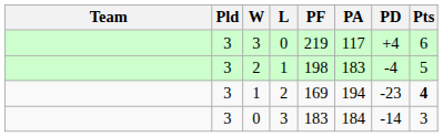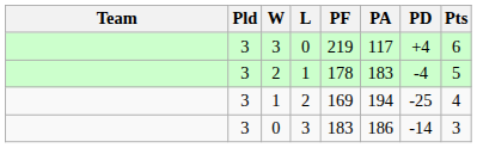 <table class="wikitable" style="text-align:center;">
 <tr>
 <th width=200>Team</th>
 <th width=20>Pld</th>
 <th width=20>W</th>
 <th width=20>L</th>
 <th width=30>PF</th>
 <th width=30>PA</th>
 <th width=30>PD</th>
 <th width=20>Pts</th>
 </tr>
 <tr bgcolor=ccffcc>
 <td align=left></td>
 <td>3</td>
 <td>3</td>
 <td>0</td>
 <td>219</td>
 <td>117</td>
 <td>+4</td>
 <td>6</td>
 </tr>
 <tr bgcolor=ccffcc>
 <td align=left></td>
 <td>3</td>
 <td>2</td>
 <td>1</td>
-<td>198</td>
+<td>178</td>
 <td>183</td>
 <td>-4</td>
 <td>5</td>
 </tr>
 <tr>
 <td align=left></td>
 <td>3</td>
 <td>1</td>
 <td>2</td>
 <td>169</td>
 <td>194</td>
-<td>-23</td>
-<td><strong>4</strong></td>
+<td>-25</td>
+<td>4</td>
 </tr>
 <tr>
 <td align=left></td>
 <td>3</td>
 <td>0</td>
 <td>3</td>
 <td>183</td>
-<td>184</td>
+<td>186</td>
 <td>-14</td>
 <td>3</td>
 </tr>
 </table>
